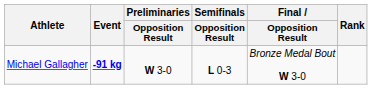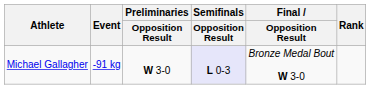 <table class="wikitable" style="font-size:90%;">
 <tr>
 <th rowspan=2>Athlete</th>
 <th rowspan=2>Event</th>
 <th>Preliminaries</th>
 <th>Semifinals</th>
 <th>Final / </th>
 <th rowspan=2>Rank</th>
 </tr>
 <tr style="font-size:95%">
 <th>Opposition<br>Result</th>
 <th>Opposition<br>Result</th>
 <th>Opposition<br>Result</th>
 </tr>
 <tr align=center>
 <td align=left><a href='#'>Michael Gallagher</a></td>
-<td align=left><strong><a href='#'>-91 kg</a></strong></td>
+<td align=left><a href='#'>-91 kg</a></td>
 <td> <br> <strong>W</strong> 3-0</td>
-<td> <br> <strong>L</strong> 0-3</td>
+<td style="background: lavender;"> <br> <strong>L</strong> 0-3</td>
 <td><em>Bronze Medal Bout</em><br> <br> <strong>W</strong> 3-0</td>
 <td></td>
 </tr>
 </table>
